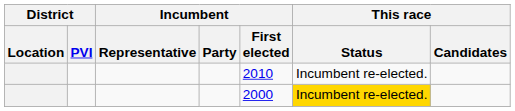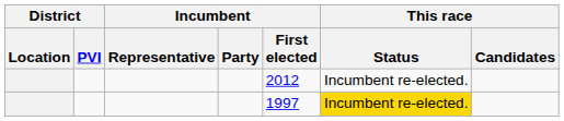 <table class="wikitable sortable">
 <tr valign=bottom>
 <th colspan=2>District</th>
 <th colspan=3>Incumbent</th>
 <th colspan=2>This race</th>
 </tr>
 <tr valign=bottom>
 <th>Location</th>
 <th><a href='#'>PVI</a></th>
 <th>Representative</th>
 <th>Party</th>
 <th>First<br>elected</th>
 <th>Status</th>
 <th>Candidates</th>
 </tr>
 <tr>
 <th></th>
 <td></td>
 <td></td>
 <td></td>
-<td><a href='#'>2010</a></td>
+<td><a href='#'>2012</a></td>
 <td>Incumbent re-elected.</td>
 <td nowrap></td>
 </tr>
 <tr>
 <th></th>
 <td></td>
 <td></td>
 <td></td>
-<td><a href='#'>2000</a></td>
+<td><a href='#'>1997</a></td>
 <td style="background: gold;">Incumbent re-elected.</td>
 <td nowrap></td>
 </tr>
 </table>
